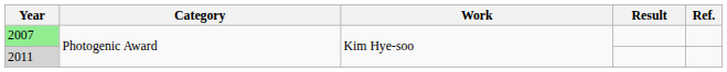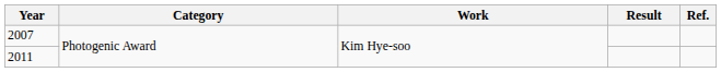 <table class="wikitable sortable plainrowheaders" style="font-size:98%">
 <tr>
 <th scope="col" style="width:6%;">Year</th>
 <th scope="col" style="width:31%;">Category</th>
 <th scope="col" style="width:30%;">Work</th>
 <th scope="col" style="width:8%;">Result</th>
 <th scope="col" style="width:4%;">Ref.</th>
 </tr>
 <tr>
-<td style="background: lightgreen;">2007</td>
+<td>2007</td>
 <td rowspan="2">Photogenic Award</td>
 <td rowspan="2">Kim Hye-soo</td>
 <td></td>
 <td></td>
 </tr>
 <tr>
-<td style="background: lightgrey;">2011</td>
+<td>2011</td>
 <td></td>
 <td></td>
 </tr>
 </table>
